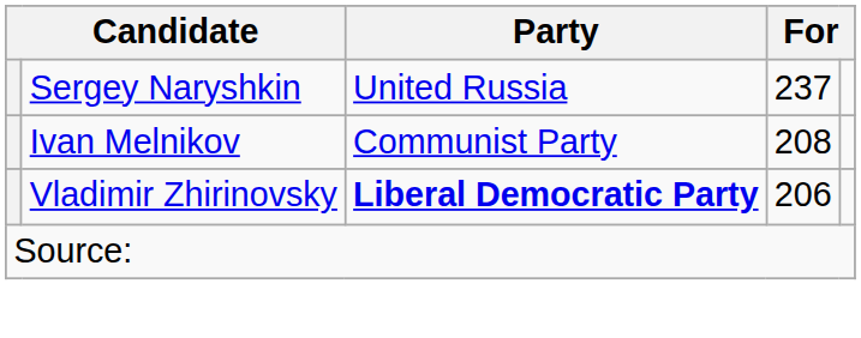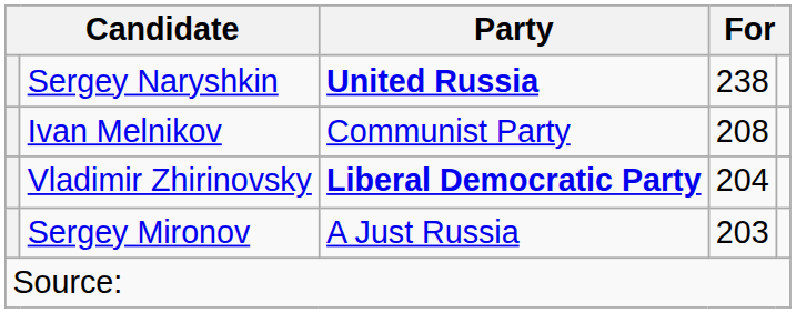 <table class=wikitable>
 <tr>
 <th colspan=2>Candidate</th>
 <th>Party</th>
 <th colspan=2>For</th>
 </tr>
 <tr>
 <th style="background-color:"></th>
 <td><a href='#'>Sergey Naryshkin</a></td>
-<td><a href='#'>United Russia</a></td>
-<td style="text-align:right">237</td>
+<td><strong><a href='#'>United Russia</a></strong></td>
+<td style="text-align:right">238</td>
 <td style="text-align:right"></td>
 </tr>
 <tr>
 <th style="background-color:"></th>
 <td><a href='#'>Ivan Melnikov</a></td>
 <td><a href='#'>Communist Party</a></td>
 <td style="text-align:right">208</td>
 <td style="text-align:right"></td>
 </tr>
 <tr>
 <th style="background-color:"></th>
 <td><a href='#'>Vladimir Zhirinovsky</a></td>
 <td><strong><a href='#'>Liberal Democratic Party</a></strong></td>
-<td style="text-align:right">206</td>
+<td style="text-align:right">204</td>
+<td style="text-align:right"></td>
+</tr>
+<tr>
+<th style="background-color:"></th>
+<td><a href='#'>Sergey Mironov</a></td>
+<td><a href='#'>A Just Russia</a></td>
+<td style="text-align:right">203</td>
 <td style="text-align:right"></td>
 </tr>
 <tr>
 <td style="text-align:left;" colspan=5>Source: </td>
 </tr>
 </table>
